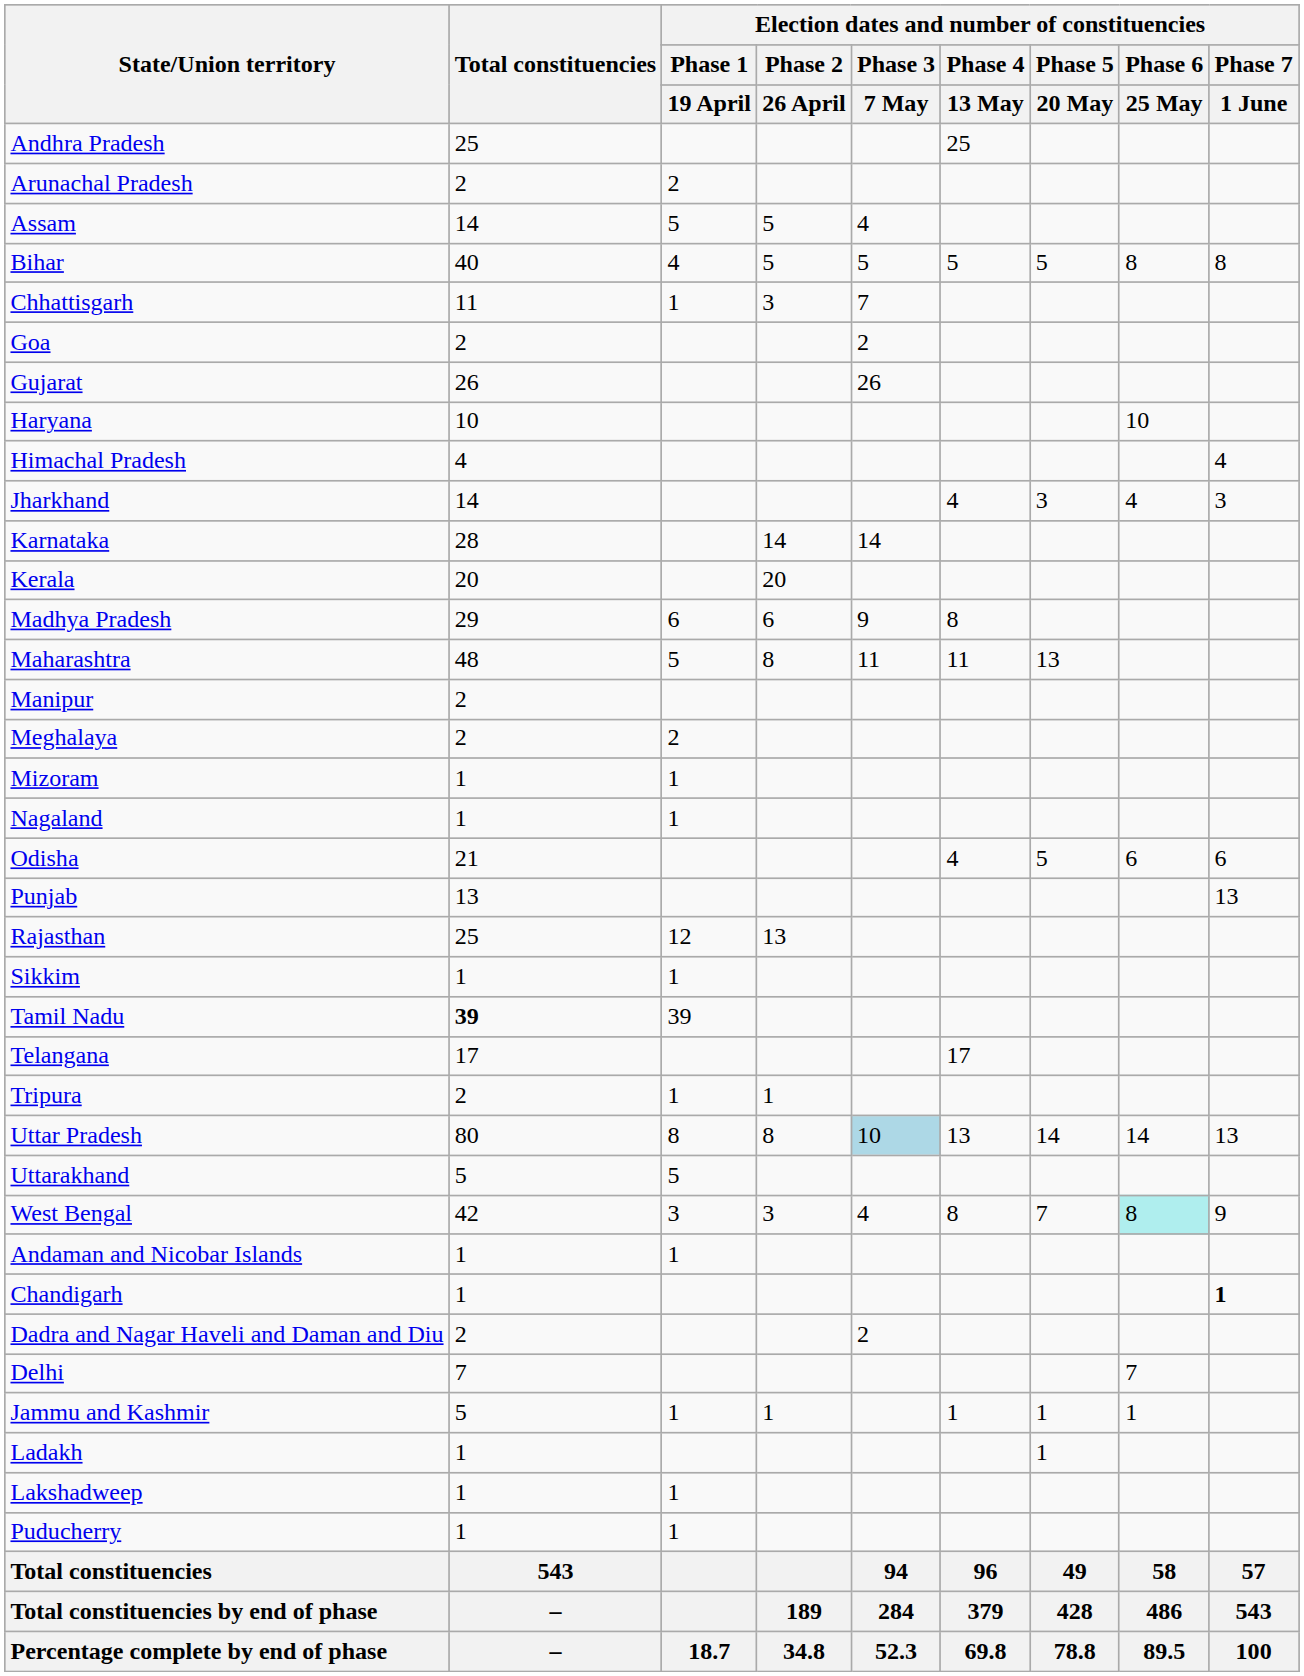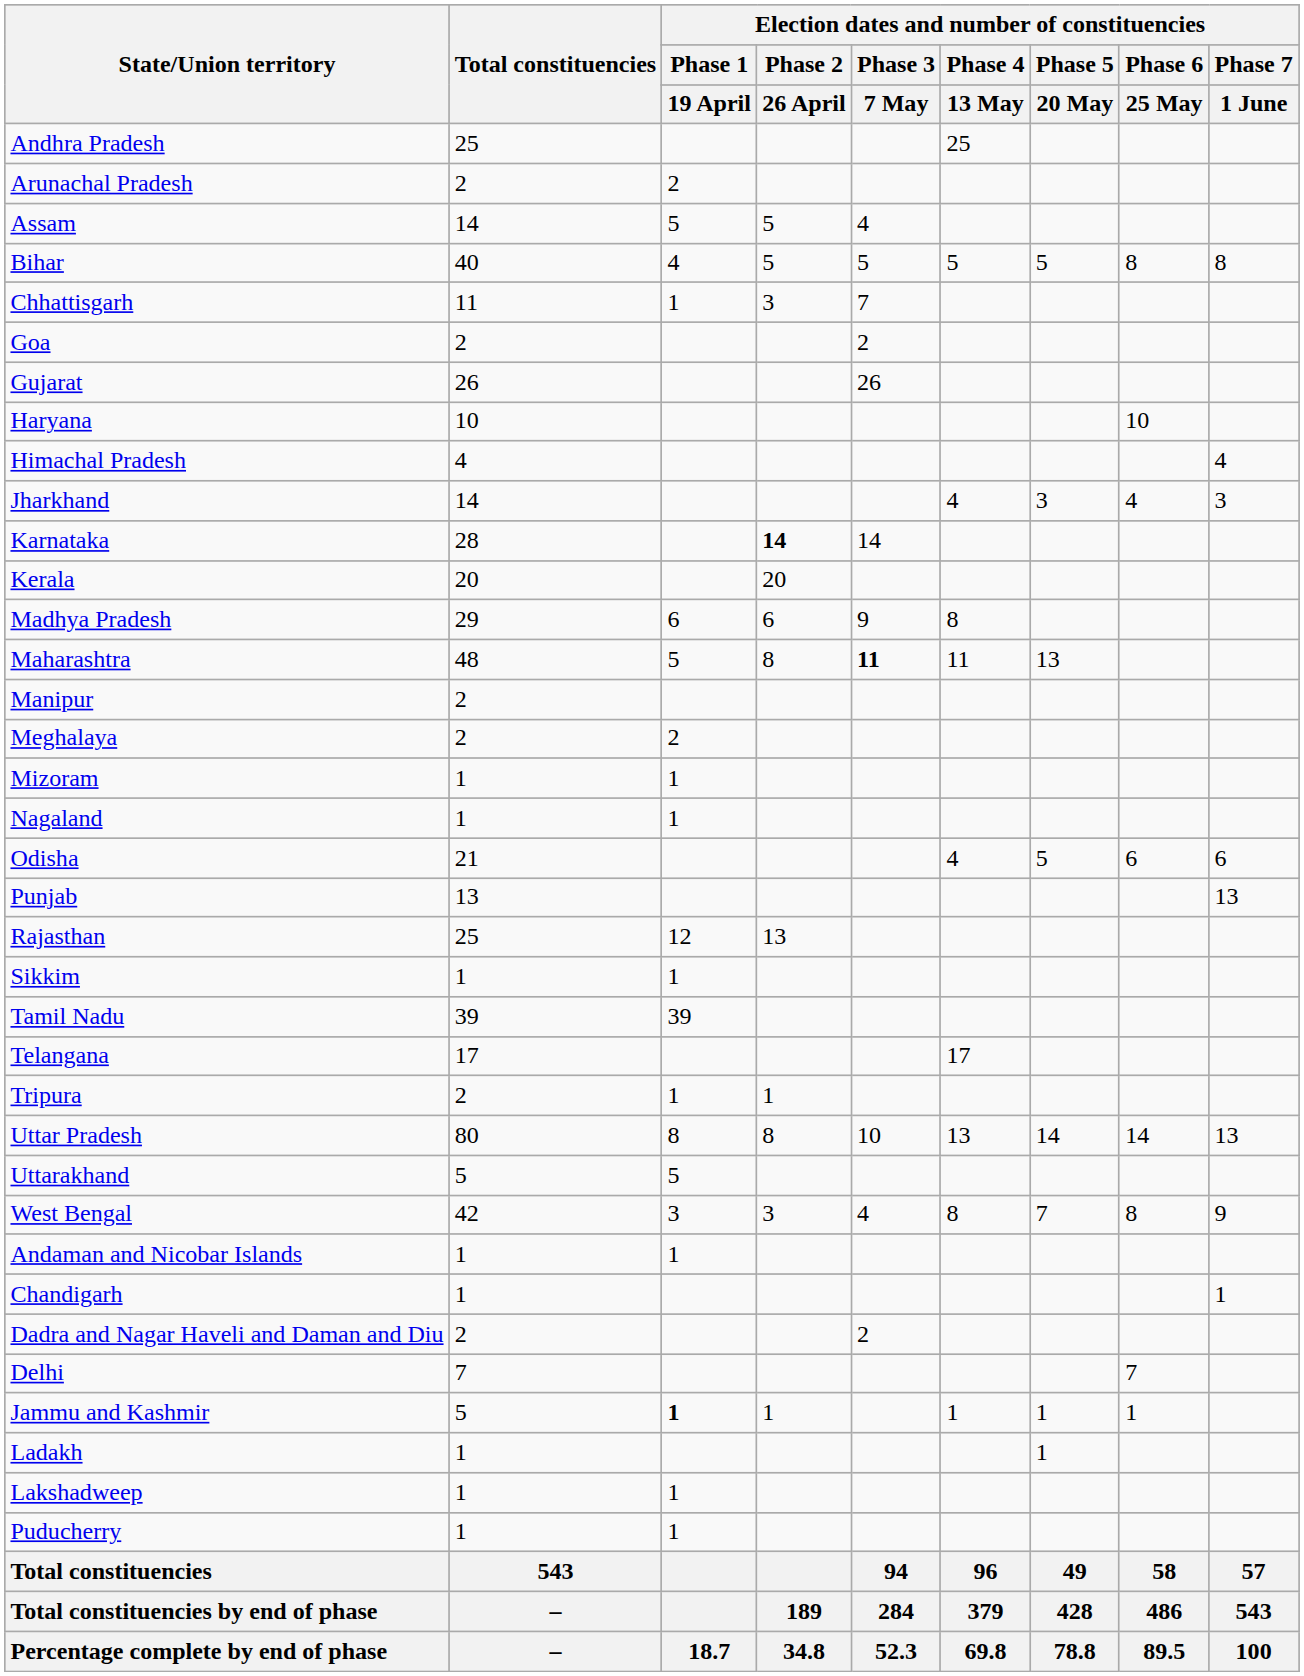 <table class="wikitable defaultcenter col1left" style="font-size: 90%">
 <tr>
 <th rowspan="3">State/Union territory</th>
 <th rowspan="3">Total constituencies</th>
 <th colspan="7">Election dates and number of constituencies</th>
 </tr>
 <tr>
 <th>Phase 1</th>
 <th>Phase 2</th>
 <th>Phase 3</th>
 <th>Phase 4</th>
 <th>Phase 5</th>
 <th>Phase 6</th>
 <th>Phase 7</th>
 </tr>
 <tr>
 <th class="unsortable">19 April</th>
 <th class="unsortable">26 April</th>
 <th class="unsortable">7 May</th>
 <th class="unsortable">13 May</th>
 <th class="unsortable">20 May</th>
 <th class="unsortable">25 May</th>
 <th class="unsortable">1 June</th>
 </tr>
 <tr>
 <td><a href='#'>Andhra Pradesh</a></td>
 <td>25</td>
 <td></td>
 <td></td>
 <td></td>
 <td>25</td>
 <td></td>
 <td></td>
 <td></td>
 </tr>
 <tr>
 <td><a href='#'>Arunachal Pradesh</a></td>
 <td>2</td>
 <td>2</td>
 <td></td>
 <td></td>
 <td></td>
 <td></td>
 <td></td>
 <td></td>
 </tr>
 <tr>
 <td><a href='#'>Assam</a></td>
 <td>14</td>
 <td>5</td>
 <td>5</td>
 <td>4</td>
 <td></td>
 <td></td>
 <td></td>
 <td></td>
 </tr>
 <tr>
 <td><a href='#'>Bihar</a></td>
 <td>40</td>
 <td>4</td>
 <td>5</td>
 <td>5</td>
 <td>5</td>
 <td>5</td>
 <td>8</td>
 <td>8</td>
 </tr>
 <tr>
 <td><a href='#'>Chhattisgarh</a></td>
 <td>11</td>
 <td>1</td>
 <td>3</td>
 <td>7</td>
 <td></td>
 <td></td>
 <td></td>
 <td></td>
 </tr>
 <tr>
 <td><a href='#'>Goa</a></td>
 <td>2</td>
 <td></td>
 <td></td>
 <td>2</td>
 <td></td>
 <td></td>
 <td></td>
 <td></td>
 </tr>
 <tr>
 <td><a href='#'>Gujarat</a></td>
 <td>26</td>
 <td></td>
 <td></td>
 <td>26</td>
 <td></td>
 <td></td>
 <td></td>
 <td></td>
 </tr>
 <tr>
 <td><a href='#'>Haryana</a></td>
 <td>10</td>
 <td></td>
 <td></td>
 <td></td>
 <td></td>
 <td></td>
 <td>10</td>
 <td></td>
 </tr>
 <tr>
 <td><a href='#'>Himachal Pradesh</a></td>
 <td>4</td>
 <td></td>
 <td></td>
 <td></td>
 <td></td>
 <td></td>
 <td></td>
 <td>4</td>
 </tr>
 <tr>
 <td><a href='#'>Jharkhand</a></td>
 <td>14</td>
 <td></td>
 <td></td>
 <td></td>
 <td>4</td>
 <td>3</td>
 <td>4</td>
 <td>3</td>
 </tr>
 <tr>
 <td><a href='#'>Karnataka</a></td>
 <td>28</td>
 <td></td>
-<td>14</td>
+<td><strong>14</strong></td>
 <td>14</td>
 <td></td>
 <td></td>
 <td></td>
 <td></td>
 </tr>
 <tr>
 <td><a href='#'>Kerala</a></td>
 <td>20</td>
 <td></td>
 <td>20</td>
 <td></td>
 <td></td>
 <td></td>
 <td></td>
 <td></td>
 </tr>
 <tr>
 <td><a href='#'>Madhya Pradesh</a></td>
 <td>29</td>
 <td>6</td>
 <td>6</td>
 <td>9</td>
 <td>8</td>
 <td></td>
 <td></td>
 <td></td>
 </tr>
 <tr>
 <td><a href='#'>Maharashtra</a></td>
 <td>48</td>
 <td>5</td>
 <td>8</td>
-<td>11</td>
+<td><strong>11</strong></td>
 <td>11</td>
 <td>13</td>
 <td></td>
 <td></td>
 </tr>
 <tr>
 <td><a href='#'>Manipur</a></td>
 <td>2</td>
 <td></td>
 <td></td>
 <td></td>
 <td></td>
 <td></td>
 <td></td>
 <td></td>
 </tr>
 <tr>
 <td><a href='#'>Meghalaya</a></td>
 <td>2</td>
 <td>2</td>
 <td></td>
 <td></td>
 <td></td>
 <td></td>
 <td></td>
 <td></td>
 </tr>
 <tr>
 <td><a href='#'>Mizoram</a></td>
 <td>1</td>
 <td>1</td>
 <td></td>
 <td></td>
 <td></td>
 <td></td>
 <td></td>
 <td></td>
 </tr>
 <tr>
 <td><a href='#'>Nagaland</a></td>
 <td>1</td>
 <td>1</td>
 <td></td>
 <td></td>
 <td></td>
 <td></td>
 <td></td>
 <td></td>
 </tr>
 <tr>
 <td><a href='#'>Odisha</a></td>
 <td>21</td>
 <td></td>
 <td></td>
 <td></td>
 <td>4</td>
 <td>5</td>
 <td>6</td>
 <td>6</td>
 </tr>
 <tr>
 <td><a href='#'>Punjab</a></td>
 <td>13</td>
 <td></td>
 <td></td>
 <td></td>
 <td></td>
 <td></td>
 <td></td>
 <td>13</td>
 </tr>
 <tr>
 <td><a href='#'>Rajasthan</a></td>
 <td>25</td>
 <td>12</td>
 <td>13</td>
 <td></td>
 <td></td>
 <td></td>
 <td></td>
 <td></td>
 </tr>
 <tr>
 <td><a href='#'>Sikkim</a></td>
 <td>1</td>
 <td>1</td>
 <td></td>
 <td></td>
 <td></td>
 <td></td>
 <td></td>
 <td></td>
 </tr>
 <tr>
 <td><a href='#'>Tamil Nadu</a></td>
-<td><strong>39</strong></td>
+<td>39</td>
 <td>39</td>
 <td></td>
 <td></td>
 <td></td>
 <td></td>
 <td></td>
 <td></td>
 </tr>
 <tr>
 <td><a href='#'>Telangana</a></td>
 <td>17</td>
 <td></td>
 <td></td>
 <td></td>
 <td>17</td>
 <td></td>
 <td></td>
 <td></td>
 </tr>
 <tr>
 <td><a href='#'>Tripura</a></td>
 <td>2</td>
 <td>1</td>
 <td>1</td>
 <td></td>
 <td></td>
 <td></td>
 <td></td>
 <td></td>
 </tr>
 <tr>
 <td><a href='#'>Uttar Pradesh</a></td>
 <td>80</td>
 <td>8</td>
 <td>8</td>
-<td style="background: lightblue;">10</td>
+<td>10</td>
 <td>13</td>
 <td>14</td>
 <td>14</td>
 <td>13</td>
 </tr>
 <tr>
 <td><a href='#'>Uttarakhand</a></td>
 <td>5</td>
 <td>5</td>
 <td></td>
 <td></td>
 <td></td>
 <td></td>
 <td></td>
 <td></td>
 </tr>
 <tr>
 <td><a href='#'>West Bengal</a></td>
 <td>42</td>
 <td>3</td>
 <td>3</td>
 <td>4</td>
 <td>8</td>
 <td>7</td>
-<td style="background: paleturquoise;">8</td>
+<td>8</td>
 <td>9</td>
 </tr>
 <tr>
 <td><a href='#'>Andaman and Nicobar Islands</a></td>
 <td>1</td>
 <td>1</td>
 <td></td>
 <td></td>
 <td></td>
 <td></td>
 <td></td>
 <td></td>
 </tr>
 <tr>
 <td><a href='#'>Chandigarh</a></td>
 <td>1</td>
 <td></td>
 <td></td>
 <td></td>
 <td></td>
 <td></td>
 <td></td>
-<td><strong>1</strong></td>
+<td>1</td>
 </tr>
 <tr>
 <td><a href='#'>Dadra and Nagar Haveli and Daman and Diu</a></td>
 <td>2</td>
 <td></td>
 <td></td>
 <td>2</td>
 <td></td>
 <td></td>
 <td></td>
 <td></td>
 </tr>
 <tr>
 <td><a href='#'>Delhi</a></td>
 <td>7</td>
 <td></td>
 <td></td>
 <td></td>
 <td></td>
 <td></td>
 <td>7</td>
 <td></td>
 </tr>
 <tr>
 <td><a href='#'>Jammu and Kashmir</a></td>
 <td>5</td>
-<td>1</td>
+<td><strong>1</strong></td>
 <td>1</td>
 <td></td>
 <td>1</td>
 <td>1</td>
 <td>1</td>
 <td></td>
 </tr>
 <tr>
 <td><a href='#'>Ladakh</a></td>
 <td>1</td>
 <td></td>
 <td></td>
 <td></td>
 <td></td>
 <td>1</td>
 <td></td>
 <td></td>
 </tr>
 <tr>
 <td><a href='#'>Lakshadweep</a></td>
 <td>1</td>
 <td>1</td>
 <td></td>
 <td></td>
 <td></td>
 <td></td>
 <td></td>
 <td></td>
 </tr>
 <tr>
 <td><a href='#'>Puducherry</a></td>
 <td>1</td>
 <td>1</td>
 <td></td>
 <td></td>
 <td></td>
 <td></td>
 <td></td>
 <td></td>
 </tr>
 <tr>
 <th style="text-align:left">Total constituencies</th>
 <th>543</th>
 <th></th>
 <th></th>
 <th>94</th>
 <th>96</th>
 <th>49</th>
 <th>58</th>
 <th>57</th>
 </tr>
 <tr>
 <th style="text-align:left">Total constituencies by end of phase</th>
 <th>–</th>
 <th></th>
 <th>189</th>
 <th>284</th>
 <th>379</th>
 <th>428</th>
 <th>486</th>
 <th>543</th>
 </tr>
 <tr>
 <th style="text-align:left">Percentage complete by end of phase</th>
 <th>–</th>
 <th>18.7</th>
 <th>34.8</th>
 <th>52.3</th>
 <th>69.8</th>
 <th>78.8</th>
 <th>89.5</th>
 <th>100</th>
 </tr>
 </table>
